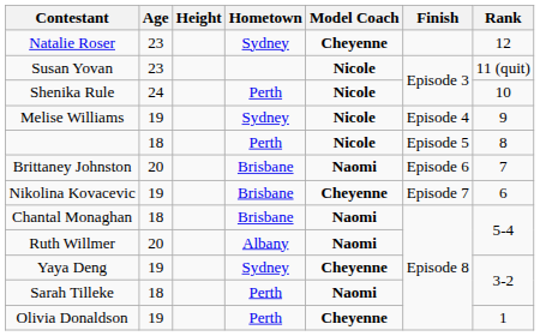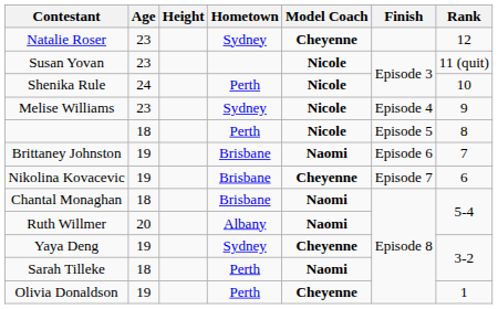 <table class="wikitable sortable" style="text-align:center;">
 <tr>
 <th>Contestant</th>
 <th>Age</th>
 <th>Height</th>
 <th>Hometown</th>
 <th>Model Coach</th>
 <th>Finish</th>
 <th>Rank</th>
 </tr>
 <tr>
 <td><a href='#'>Natalie Roser</a></td>
 <td>23</td>
 <td></td>
 <td><a href='#'>Sydney</a></td>
 <td><strong><span>Cheyenne</span></strong></td>
 <td></td>
 <td>12</td>
 </tr>
 <tr>
 <td>Susan Yovan</td>
 <td>23</td>
 <td></td>
 <td></td>
 <td><strong><span>Nicole</span></strong></td>
 <td rowspan="2">Episode 3</td>
 <td nowrap>11 (quit)</td>
 </tr>
 <tr>
 <td>Shenika Rule</td>
 <td>24</td>
 <td nowrap></td>
 <td><a href='#'>Perth</a></td>
 <td><strong><span>Nicole</span></strong></td>
 <td>10</td>
 </tr>
 <tr>
 <td>Melise Williams</td>
-<td>19</td>
+<td>23</td>
 <td></td>
 <td><a href='#'>Sydney</a></td>
 <td><strong><span>Nicole</span></strong></td>
 <td>Episode 4</td>
 <td>9</td>
 </tr>
 <tr>
 <td></td>
 <td>18</td>
 <td></td>
 <td><a href='#'>Perth</a></td>
 <td><strong><span>Nicole</span></strong></td>
 <td>Episode 5</td>
 <td>8</td>
 </tr>
 <tr>
 <td>Brittaney Johnston</td>
-<td>20</td>
+<td>19</td>
 <td></td>
 <td><a href='#'>Brisbane</a></td>
 <td><strong><span>Naomi</span></strong></td>
 <td>Episode 6</td>
 <td>7</td>
 </tr>
 <tr>
 <td>Nikolina Kovacevic</td>
 <td>19</td>
 <td></td>
 <td><a href='#'>Brisbane</a></td>
 <td><strong><span>Cheyenne</span></strong></td>
 <td>Episode 7</td>
 <td>6</td>
 </tr>
 <tr>
 <td>Chantal Monaghan</td>
 <td>18</td>
 <td></td>
 <td><a href='#'>Brisbane</a></td>
 <td><strong><span>Naomi</span></strong></td>
 <td rowspan="5">Episode 8</td>
 <td rowspan="2">5-4</td>
 </tr>
 <tr>
 <td>Ruth Willmer</td>
 <td>20</td>
 <td></td>
 <td><a href='#'>Albany</a></td>
 <td><strong><span>Naomi</span></strong></td>
 </tr>
 <tr>
 <td>Yaya Deng</td>
 <td>19</td>
 <td></td>
 <td><a href='#'>Sydney</a></td>
 <td><strong><span>Cheyenne</span></strong></td>
 <td rowspan="2">3-2</td>
 </tr>
 <tr>
 <td>Sarah Tilleke</td>
 <td>18</td>
 <td></td>
 <td><a href='#'>Perth</a></td>
 <td><strong><span>Naomi</span></strong></td>
 </tr>
 <tr>
 <td>Olivia Donaldson</td>
 <td>19</td>
 <td></td>
 <td><a href='#'>Perth</a></td>
 <td><strong><span>Cheyenne</span></strong></td>
 <td>1</td>
 </tr>
 </table>
